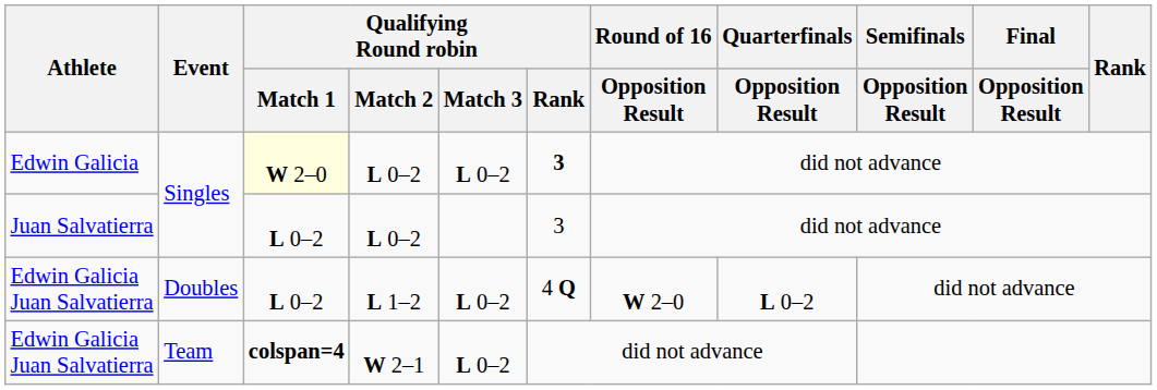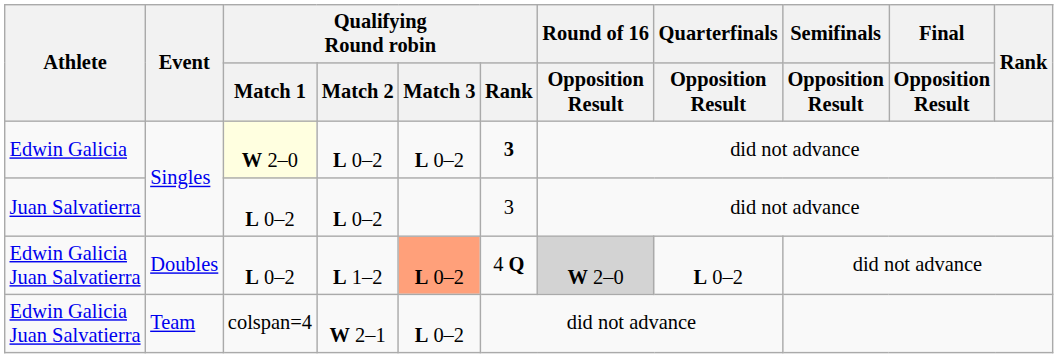 <table class="wikitable" style="font-size:90%">
 <tr>
 <th rowspan="2">Athlete</th>
 <th rowspan="2">Event</th>
 <th colspan="4">Qualifying<br>Round robin</th>
 <th>Round of 16</th>
 <th>Quarterfinals</th>
 <th>Semifinals</th>
 <th>Final</th>
 <th rowspan="2">Rank</th>
 </tr>
 <tr>
 <th>Match 1</th>
 <th>Match 2</th>
 <th>Match 3</th>
 <th>Rank</th>
 <th>Opposition<br>Result</th>
 <th>Opposition<br>Result</th>
 <th>Opposition<br>Result</th>
 <th>Opposition<br>Result</th>
 </tr>
 <tr align=center>
 <td align=left><a href='#'>Edwin Galicia</a></td>
 <td rowspan=2 align=left><a href='#'>Singles</a></td>
 <td style="background: lightyellow;"><br><strong>W</strong> 2–0</td>
 <td><br><strong>L</strong> 0–2</td>
 <td><br><strong>L</strong> 0–2</td>
 <td><strong>3</strong></td>
 <td colspan=5>did not advance</td>
 </tr>
 <tr align=center>
 <td align=left><a href='#'>Juan Salvatierra</a></td>
 <td><br><strong>L</strong> 0–2</td>
 <td><br><strong>L</strong> 0–2</td>
 <td></td>
 <td>3</td>
 <td colspan=5>did not advance</td>
 </tr>
 <tr align=center>
 <td align=left><a href='#'>Edwin Galicia</a><br><a href='#'>Juan Salvatierra</a></td>
 <td align=left><a href='#'>Doubles</a></td>
 <td><br><strong>L</strong> 0–2</td>
 <td><br><strong>L</strong> 1–2</td>
-<td><br><strong>L</strong> 0–2</td>
+<td style="background: lightsalmon;"><br><strong>L</strong> 0–2</td>
 <td>4 <strong>Q</strong></td>
-<td><br><strong>W</strong> 2–0</td>
+<td style="background: lightgrey;"><br><strong>W</strong> 2–0</td>
 <td><br><strong>L</strong> 0–2</td>
 <td colspan=3>did not advance</td>
 </tr>
 <tr align=center>
 <td align=left><a href='#'>Edwin Galicia</a><br><a href='#'>Juan Salvatierra</a></td>
 <td align=left><a href='#'>Team</a></td>
-<td><strong>colspan=4 </strong></td>
+<td>colspan=4 </td>
 <td><br><strong>W</strong> 2–1</td>
 <td><br><strong>L</strong> 0–2</td>
 <td colspan=3>did not advance</td>
 </tr>
 </table>
